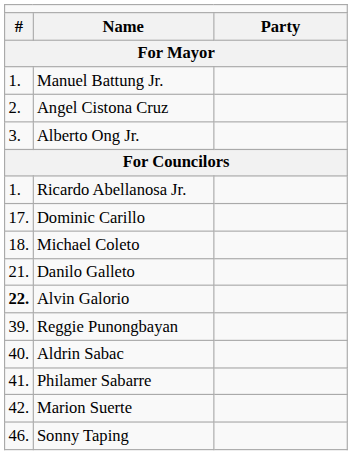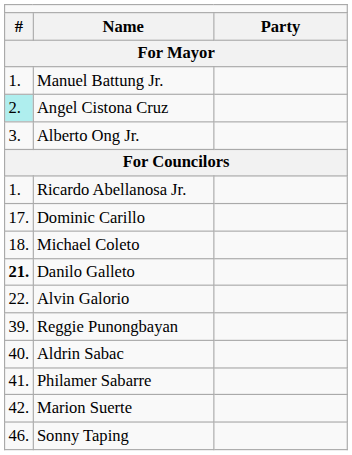 <table class=wikitable style="font-size:90%">
 <tr>
 <td colspan=4 bgcolor=></td>
 </tr>
 <tr>
 <th>#</th>
 <th width=150px>Name</th>
 <th colspan=2 width=110px>Party</th>
 </tr>
 <tr>
 <th colspan=5>For Mayor</th>
 </tr>
 <tr>
 <td>1.</td>
 <td>Manuel Battung Jr.</td>
 <td></td>
 </tr>
 <tr>
-<td>2.</td>
+<td style="background: paleturquoise;">2.</td>
 <td>Angel Cistona Cruz</td>
 <td></td>
 </tr>
 <tr>
 <td>3.</td>
 <td>Alberto Ong Jr.</td>
 <td></td>
 </tr>
 <tr>
 <th colspan=5>For Councilors</th>
 </tr>
 <tr>
 <td>1.</td>
 <td>Ricardo Abellanosa Jr.</td>
 <td></td>
 </tr>
 <tr>
 <td>17.</td>
 <td>Dominic Carillo</td>
 <td></td>
 </tr>
 <tr>
 <td>18.</td>
 <td>Michael Coleto</td>
 <td></td>
 </tr>
 <tr>
-<td>21.</td>
+<td><strong>21.</strong></td>
 <td>Danilo Galleto</td>
 <td></td>
 </tr>
 <tr>
-<td><strong>22.</strong></td>
+<td>22.</td>
 <td>Alvin Galorio</td>
 <td></td>
 </tr>
 <tr>
 <td>39.</td>
 <td>Reggie Punongbayan</td>
 <td></td>
 </tr>
 <tr>
 <td>40.</td>
 <td>Aldrin Sabac</td>
 <td></td>
 </tr>
 <tr>
 <td>41.</td>
 <td>Philamer Sabarre</td>
 <td></td>
 </tr>
 <tr>
 <td>42.</td>
 <td>Marion Suerte</td>
 <td></td>
 </tr>
 <tr>
 <td>46.</td>
 <td>Sonny Taping</td>
 <td></td>
 </tr>
 </table>
